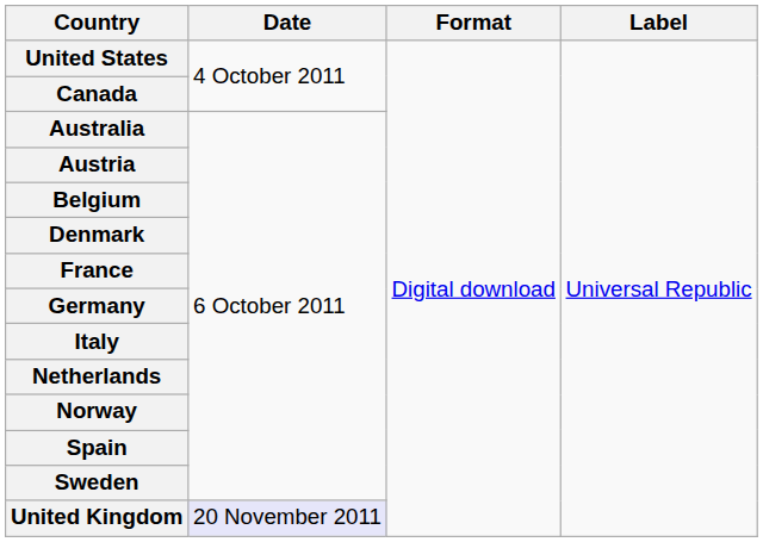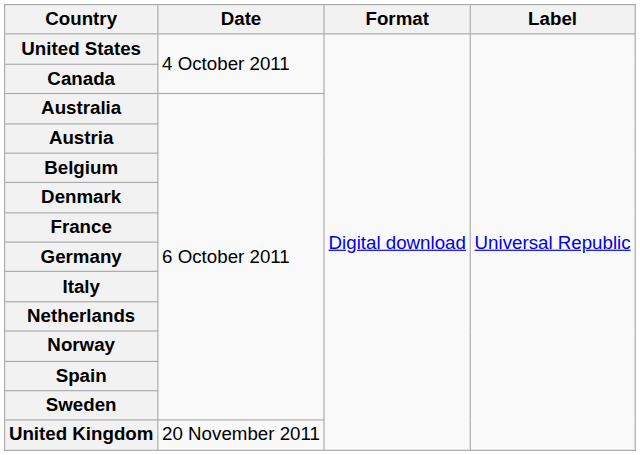 <table class="wikitable plainrowheaders">
 <tr>
 <th scope="col">Country</th>
 <th scope="col">Date</th>
 <th scope="col">Format</th>
 <th scope="col">Label</th>
 </tr>
 <tr>
 <th scope="row">United States</th>
 <td rowspan="2">4 October 2011</td>
 <td rowspan="14"><a href='#'>Digital download</a></td>
 <td rowspan="14"><a href='#'>Universal Republic</a></td>
 </tr>
 <tr>
 <th scope="row">Canada</th>
 </tr>
 <tr>
 <th scope="row">Australia</th>
 <td rowspan="11">6 October 2011</td>
 </tr>
 <tr>
 <th scope="row">Austria</th>
 </tr>
 <tr>
 <th scope="row">Belgium</th>
 </tr>
 <tr>
 <th scope="row">Denmark</th>
 </tr>
 <tr>
 <th scope="row">France</th>
 </tr>
 <tr>
 <th scope="row">Germany</th>
 </tr>
 <tr>
 <th scope="row">Italy</th>
 </tr>
 <tr>
 <th scope="row">Netherlands</th>
 </tr>
 <tr>
 <th scope="row">Norway</th>
 </tr>
 <tr>
 <th scope="row">Spain</th>
 </tr>
 <tr>
 <th scope="row">Sweden</th>
 </tr>
 <tr>
 <th scope="row">United Kingdom</th>
-<td style="background: lavender;">20 November 2011</td>
+<td>20 November 2011</td>
 </tr>
 </table>
